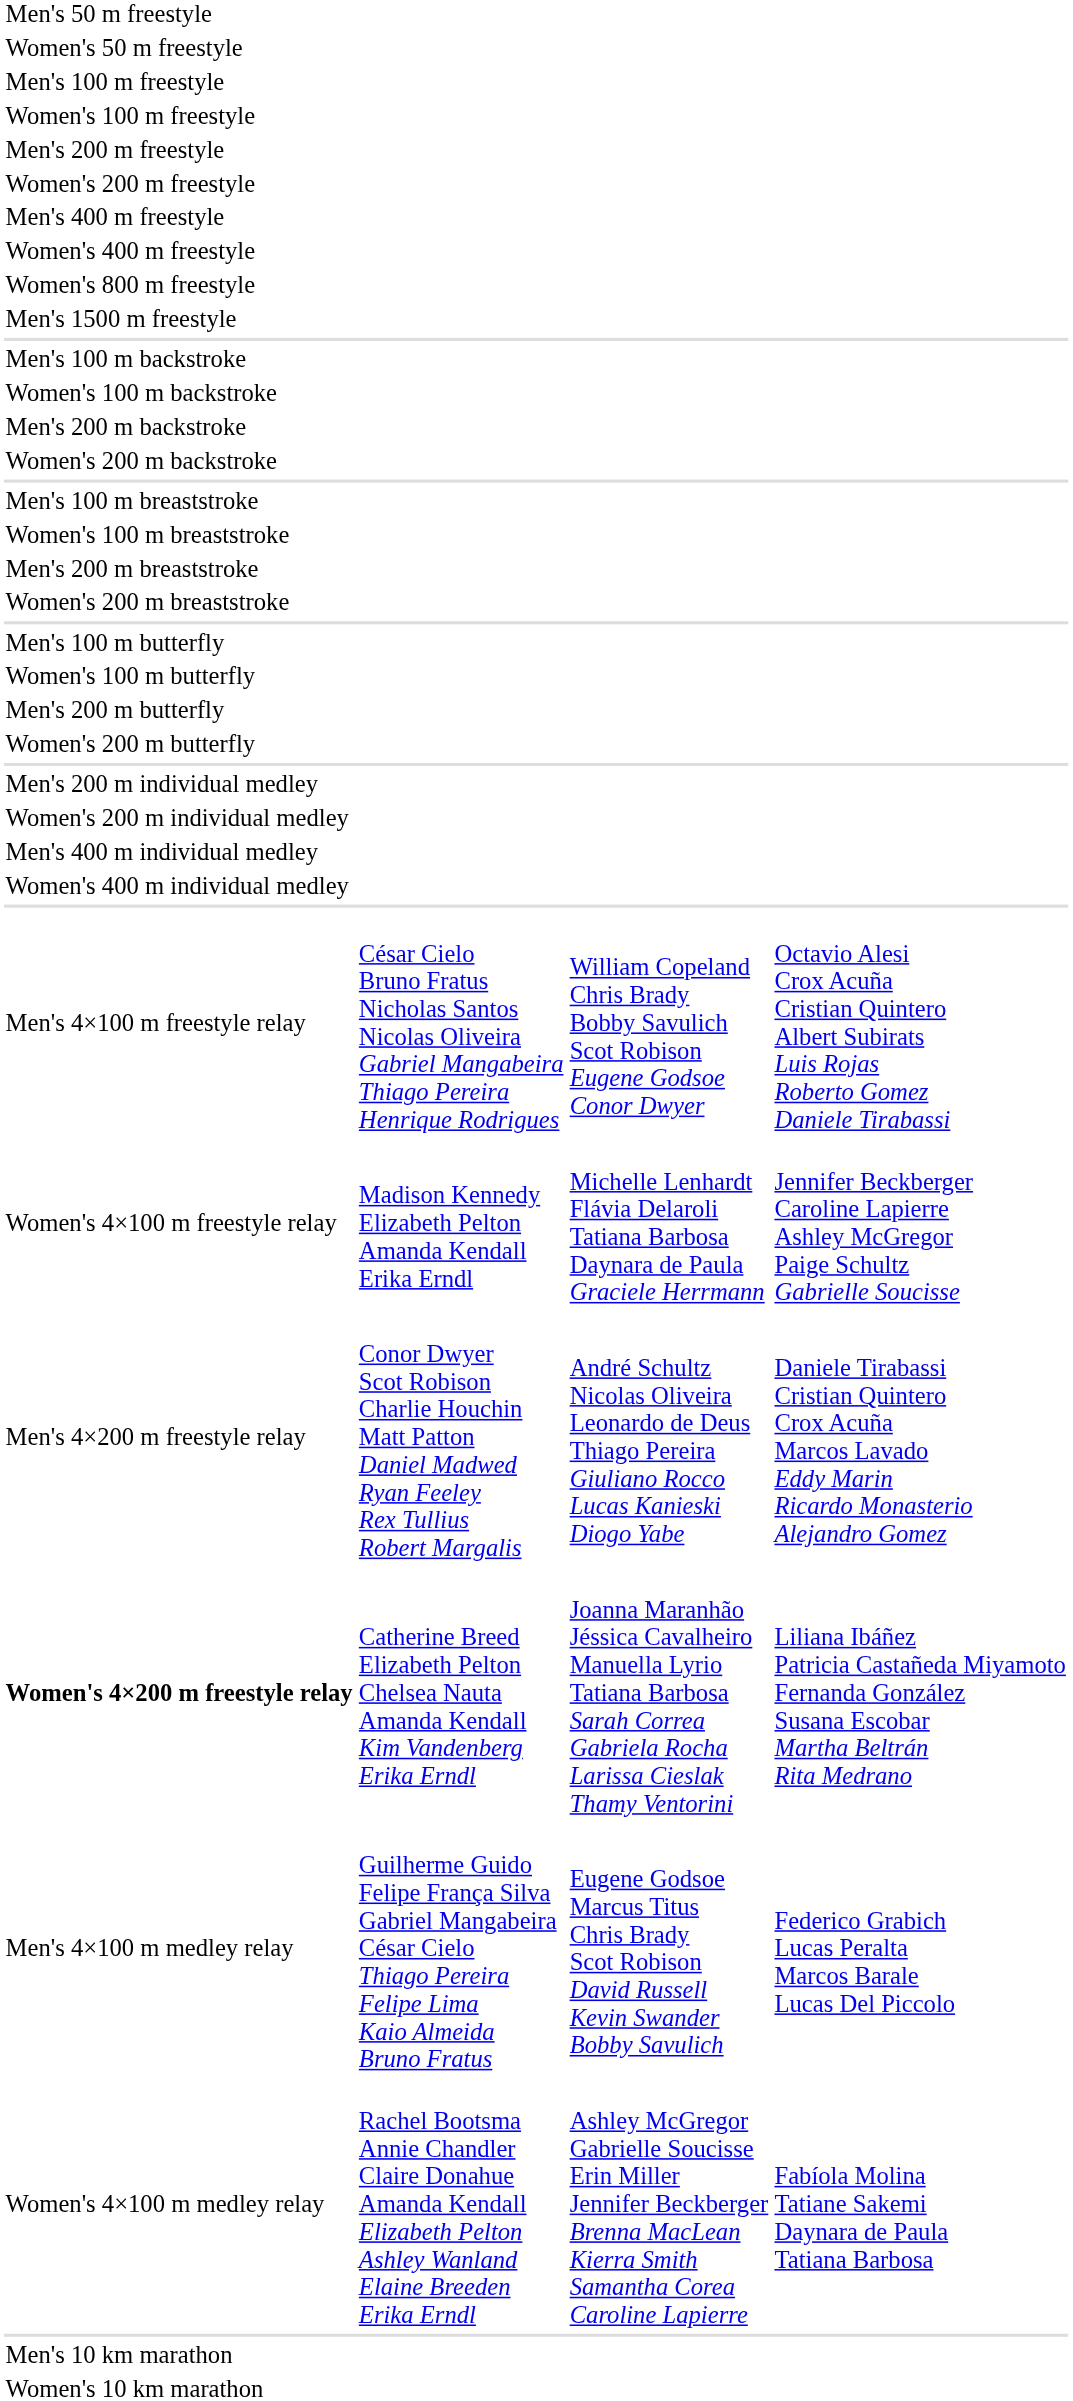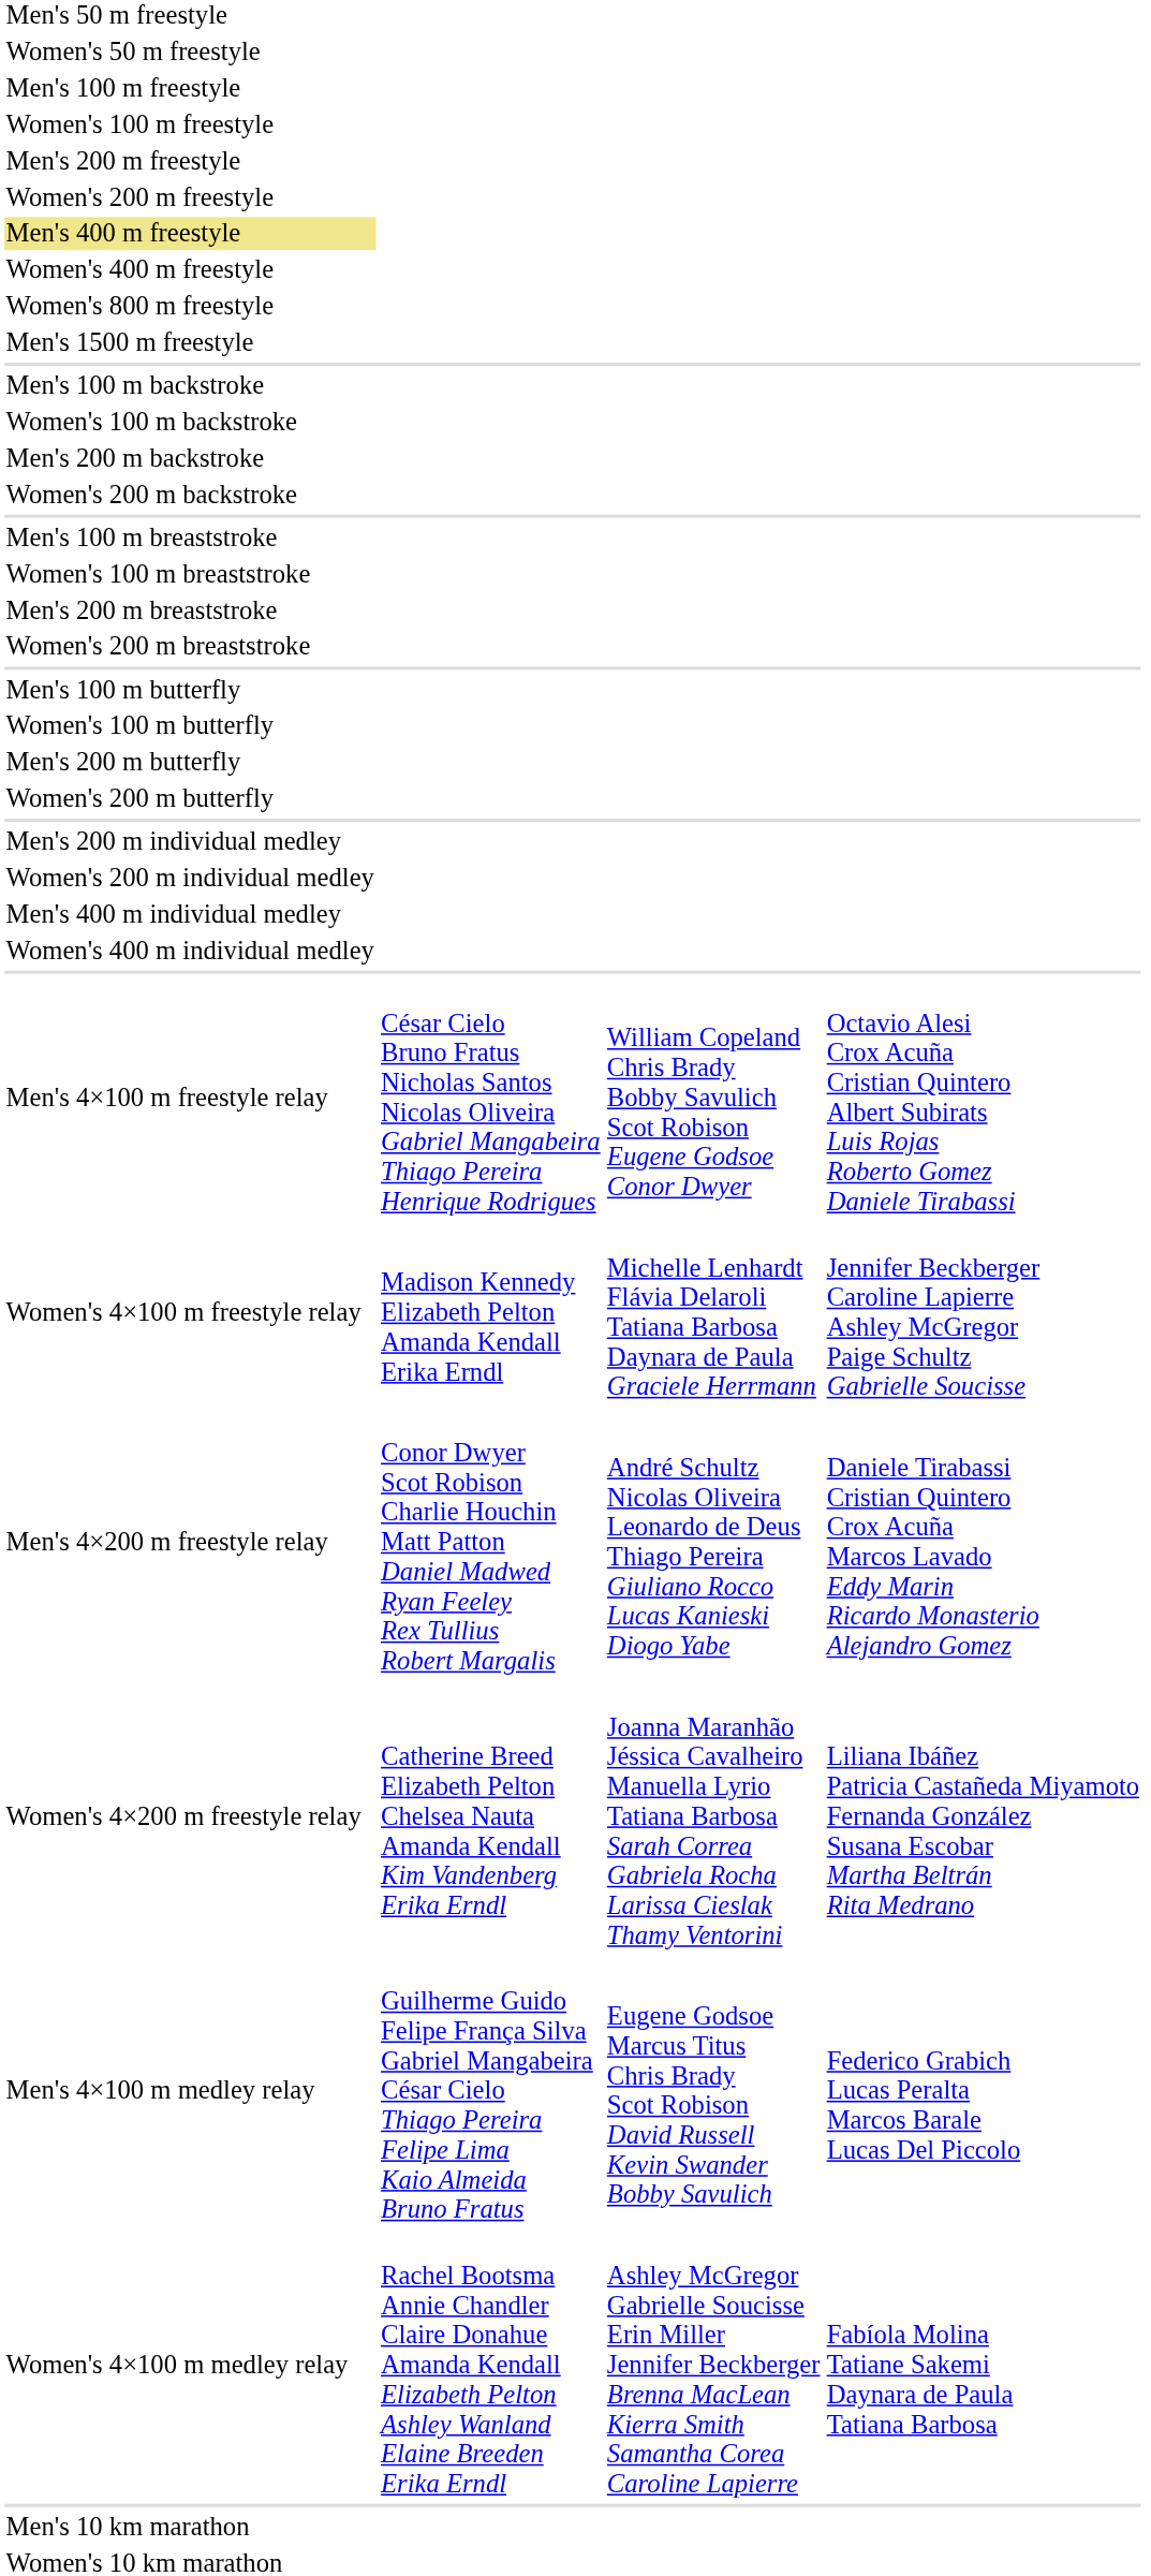 <table>
 <tr>
 <td>Men's 50 m freestyle <br></td>
 <td></td>
 <td></td>
 <td></td>
 </tr>
 <tr>
 <td>Women's 50 m freestyle <br></td>
 <td></td>
 <td></td>
 <td></td>
 </tr>
 <tr>
 <td>Men's 100 m freestyle <br></td>
 <td></td>
 <td></td>
 <td></td>
 </tr>
 <tr>
 <td>Women's 100 m freestyle <br></td>
 <td></td>
 <td></td>
 <td></td>
 </tr>
 <tr>
 <td>Men's 200 m freestyle <br></td>
 <td></td>
 <td></td>
 <td></td>
 </tr>
 <tr>
 <td>Women's 200 m freestyle <br></td>
 <td></td>
 <td></td>
 <td></td>
 </tr>
 <tr>
-<td>Men's 400 m freestyle <br></td>
+<td style="background: khaki;">Men's 400 m freestyle <br></td>
 <td></td>
 <td></td>
 <td></td>
 </tr>
 <tr>
 <td>Women's 400 m freestyle <br></td>
 <td></td>
 <td></td>
 <td></td>
 </tr>
 <tr>
 <td>Women's 800 m freestyle <br></td>
 <td></td>
 <td></td>
 <td></td>
 </tr>
 <tr>
 <td>Men's 1500 m freestyle <br></td>
 <td></td>
 <td></td>
 <td></td>
 </tr>
 <tr bgcolor=#DDDDDD>
 <td colspan=7></td>
 </tr>
 <tr>
 <td>Men's 100 m backstroke <br></td>
 <td></td>
 <td></td>
 <td></td>
 </tr>
 <tr>
 <td>Women's 100 m backstroke <br></td>
 <td></td>
 <td></td>
 <td></td>
 </tr>
 <tr>
 <td>Men's 200 m backstroke <br></td>
 <td></td>
 <td></td>
 <td></td>
 </tr>
 <tr>
 <td>Women's 200 m backstroke <br></td>
 <td></td>
 <td></td>
 <td></td>
 </tr>
 <tr bgcolor=#DDDDDD>
 <td colspan=7></td>
 </tr>
 <tr>
 <td>Men's 100 m breaststroke <br></td>
 <td></td>
 <td></td>
 <td></td>
 </tr>
 <tr>
 <td>Women's 100 m breaststroke <br></td>
 <td></td>
 <td></td>
 <td></td>
 </tr>
 <tr>
 <td>Men's 200 m breaststroke <br></td>
 <td></td>
 <td></td>
 <td></td>
 </tr>
 <tr>
 <td>Women's 200 m breaststroke <br></td>
 <td></td>
 <td></td>
 <td></td>
 </tr>
 <tr bgcolor=#DDDDDD>
 <td colspan=7></td>
 </tr>
 <tr>
 <td>Men's 100 m butterfly <br></td>
 <td></td>
 <td></td>
 <td></td>
 </tr>
 <tr>
 <td>Women's 100 m butterfly <br></td>
 <td></td>
 <td></td>
 <td></td>
 </tr>
 <tr>
 <td>Men's 200 m butterfly <br></td>
 <td></td>
 <td></td>
 <td></td>
 </tr>
 <tr>
 <td>Women's 200 m butterfly <br></td>
 <td></td>
 <td></td>
 <td></td>
 </tr>
 <tr bgcolor=#DDDDDD>
 <td colspan=7></td>
 </tr>
 <tr>
 <td>Men's 200 m individual medley <br></td>
 <td></td>
 <td></td>
 <td></td>
 </tr>
 <tr>
 <td>Women's 200 m individual medley <br></td>
 <td></td>
 <td></td>
 <td></td>
 </tr>
 <tr>
 <td>Men's 400 m individual medley <br></td>
 <td></td>
 <td></td>
 <td></td>
 </tr>
 <tr>
 <td>Women's 400 m individual medley <br></td>
 <td></td>
 <td></td>
 <td></td>
 </tr>
 <tr bgcolor=#DDDDDD>
 <td colspan=7></td>
 </tr>
 <tr>
 <td>Men's 4×100 m freestyle relay <br></td>
 <td><br><a href='#'>César Cielo</a><br><a href='#'>Bruno Fratus</a><br><a href='#'>Nicholas Santos</a><br><a href='#'>Nicolas Oliveira</a><br><em><a href='#'>Gabriel Mangabeira</a></em><br><em><a href='#'>Thiago Pereira</a></em><br><em><a href='#'>Henrique Rodrigues</a></em></td>
 <td><br><a href='#'>William Copeland</a> <br><a href='#'>Chris Brady</a><br><a href='#'>Bobby Savulich</a><br><a href='#'>Scot Robison</a><br><em><a href='#'>Eugene Godsoe</a></em><br><em><a href='#'>Conor Dwyer</a></em></td>
 <td><br><a href='#'>Octavio Alesi</a> <br><a href='#'>Crox Acuña</a><br><a href='#'>Cristian Quintero</a><br><a href='#'>Albert Subirats</a><br><em><a href='#'>Luis Rojas</a></em><br><em><a href='#'>Roberto Gomez</a></em><br><em><a href='#'>Daniele Tirabassi</a></em></td>
 </tr>
 <tr>
 <td>Women's 4×100 m freestyle relay <br></td>
 <td><br><a href='#'>Madison Kennedy</a> <br><a href='#'>Elizabeth Pelton</a> <br><a href='#'>Amanda Kendall</a> <br><a href='#'>Erika Erndl</a></td>
 <td><br><a href='#'>Michelle Lenhardt</a><br><a href='#'>Flávia Delaroli</a><br><a href='#'>Tatiana Barbosa</a><br><a href='#'>Daynara de Paula</a><br><em><a href='#'>Graciele Herrmann</a></em></td>
 <td><br><a href='#'>Jennifer Beckberger</a> <br><a href='#'>Caroline Lapierre</a><br><a href='#'>Ashley McGregor</a><br><a href='#'>Paige Schultz</a><br><em><a href='#'>Gabrielle Soucisse</a></em></td>
 </tr>
 <tr>
 <td>Men's 4×200 m freestyle relay <br></td>
 <td><br><a href='#'>Conor Dwyer</a><br><a href='#'>Scot Robison</a><br><a href='#'>Charlie Houchin</a><br><a href='#'>Matt Patton</a><br><em><a href='#'>Daniel Madwed</a></em><br><em><a href='#'>Ryan Feeley</a></em><br><em><a href='#'>Rex Tullius</a></em><br><em><a href='#'>Robert Margalis</a></em></td>
 <td><br><a href='#'>André Schultz</a><br><a href='#'>Nicolas Oliveira</a><br><a href='#'>Leonardo de Deus</a><br><a href='#'>Thiago Pereira</a><br><em><a href='#'>Giuliano Rocco</a></em><br><em><a href='#'>Lucas Kanieski</a></em><br><em><a href='#'>Diogo Yabe</a></em></td>
 <td><br><a href='#'>Daniele Tirabassi</a><br><a href='#'>Cristian Quintero</a><br><a href='#'>Crox Acuña</a><br><a href='#'>Marcos Lavado</a><br><em><a href='#'>Eddy Marin</a></em><br><em><a href='#'>Ricardo Monasterio</a></em><br><em><a href='#'>Alejandro Gomez</a></em></td>
 </tr>
 <tr>
-<td><strong>Women's 4×200 m freestyle relay <br></strong></td>
+<td>Women's 4×200 m freestyle relay <br></td>
 <td><br><a href='#'>Catherine Breed</a> <br><a href='#'>Elizabeth Pelton</a> <br><a href='#'>Chelsea Nauta</a><br><a href='#'>Amanda Kendall</a><br><em><a href='#'>Kim Vandenberg</a></em><br><em><a href='#'>Erika Erndl</a></em></td>
 <td><br><a href='#'>Joanna Maranhão</a> <br><a href='#'>Jéssica Cavalheiro</a> <br><a href='#'>Manuella Lyrio</a><br><a href='#'>Tatiana Barbosa</a><br><em><a href='#'>Sarah Correa</a></em><br><em><a href='#'>Gabriela Rocha</a></em><br><em><a href='#'>Larissa Cieslak</a></em><br><em><a href='#'>Thamy Ventorini</a></em></td>
 <td><br><a href='#'>Liliana Ibáñez</a> <br><a href='#'>Patricia Castañeda Miyamoto</a> <br><a href='#'>Fernanda González</a><br><a href='#'>Susana Escobar</a><br><em><a href='#'>Martha Beltrán</a></em><br><em><a href='#'>Rita Medrano</a></em></td>
 </tr>
 <tr>
 <td>Men's 4×100 m medley relay <br></td>
 <td><br><a href='#'>Guilherme Guido</a><br><a href='#'>Felipe França Silva</a><br><a href='#'>Gabriel Mangabeira</a><br><a href='#'>César Cielo</a><br><em><a href='#'>Thiago Pereira</a></em><br><em><a href='#'>Felipe Lima</a></em><br><em><a href='#'>Kaio Almeida</a></em><br><em><a href='#'>Bruno Fratus</a></em></td>
 <td><br><a href='#'>Eugene Godsoe</a><br><a href='#'>Marcus Titus</a><br><a href='#'>Chris Brady</a><br><a href='#'>Scot Robison</a><br><em><a href='#'>David Russell</a></em><br><em><a href='#'>Kevin Swander</a></em><br><em><a href='#'>Bobby Savulich</a></em></td>
 <td><br><a href='#'>Federico Grabich</a><br><a href='#'>Lucas Peralta</a><br><a href='#'>Marcos Barale</a><br><a href='#'>Lucas Del Piccolo</a></td>
 </tr>
 <tr>
 <td>Women's 4×100 m medley relay <br></td>
 <td><br><a href='#'>Rachel Bootsma</a><br><a href='#'>Annie Chandler</a><br><a href='#'>Claire Donahue</a><br><a href='#'>Amanda Kendall</a><br><em><a href='#'>Elizabeth Pelton</a></em><br><em><a href='#'>Ashley Wanland</a></em><br><em><a href='#'>Elaine Breeden</a></em><br><em><a href='#'>Erika Erndl</a></em></td>
 <td><br><a href='#'>Ashley McGregor</a><br><a href='#'>Gabrielle Soucisse</a><br><a href='#'>Erin Miller</a><br><a href='#'>Jennifer Beckberger</a><br><em><a href='#'>Brenna MacLean</a></em><br><em><a href='#'>Kierra Smith</a></em><br><em><a href='#'>Samantha Corea</a></em><br><em><a href='#'>Caroline Lapierre</a></em></td>
 <td><br><a href='#'>Fabíola Molina</a><br><a href='#'>Tatiane Sakemi</a><br><a href='#'>Daynara de Paula</a><br><a href='#'>Tatiana Barbosa</a></td>
 </tr>
 <tr bgcolor=#DDDDDD>
 <td colspan=7></td>
 </tr>
 <tr>
 <td>Men's 10 km marathon <br></td>
 <td></td>
 <td></td>
 <td></td>
 </tr>
 <tr>
 <td>Women's 10 km marathon <br></td>
 <td></td>
 <td></td>
 <td></td>
 </tr>
 </table>
